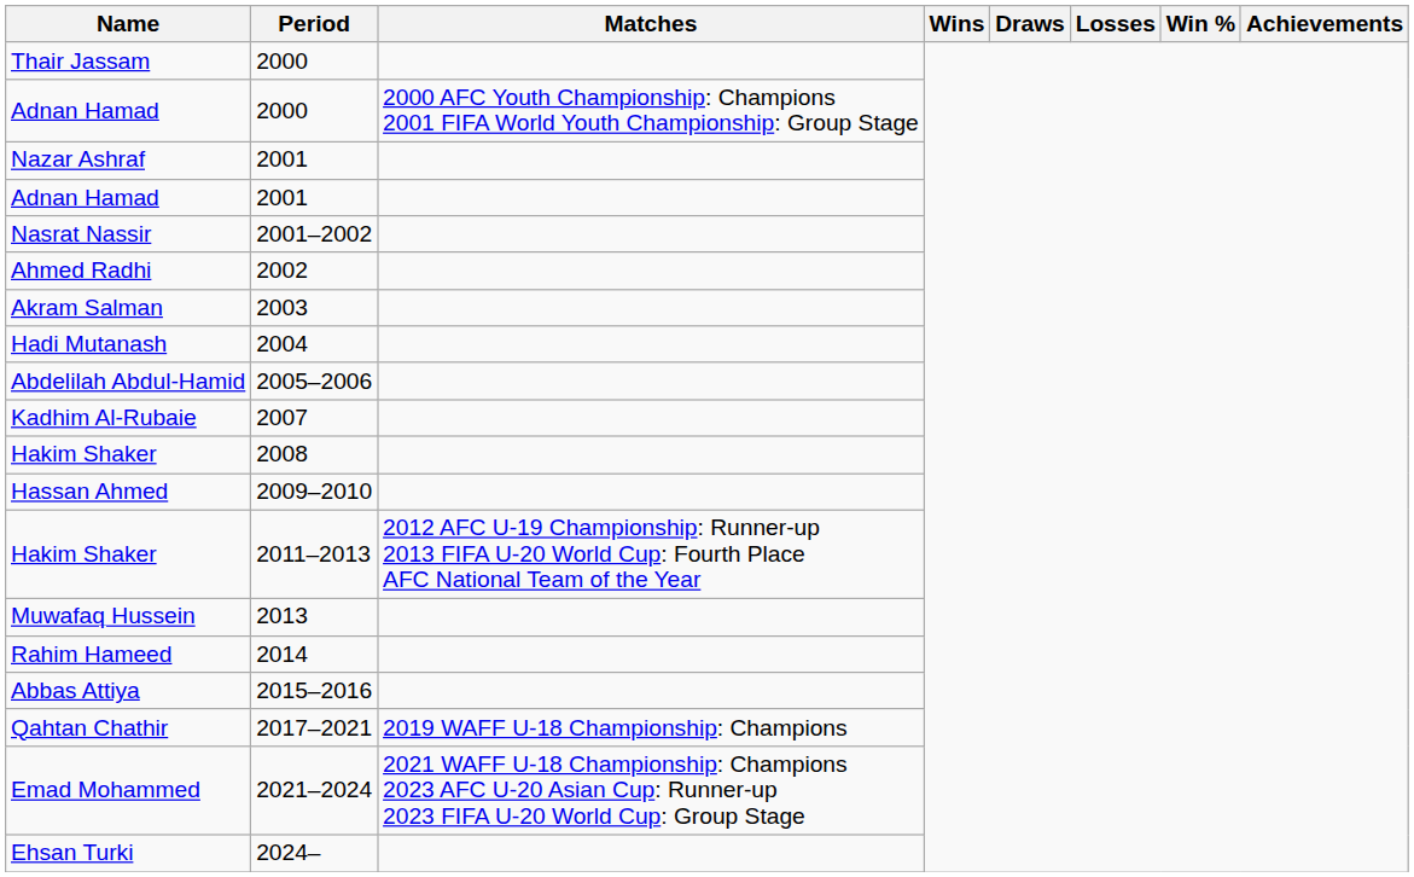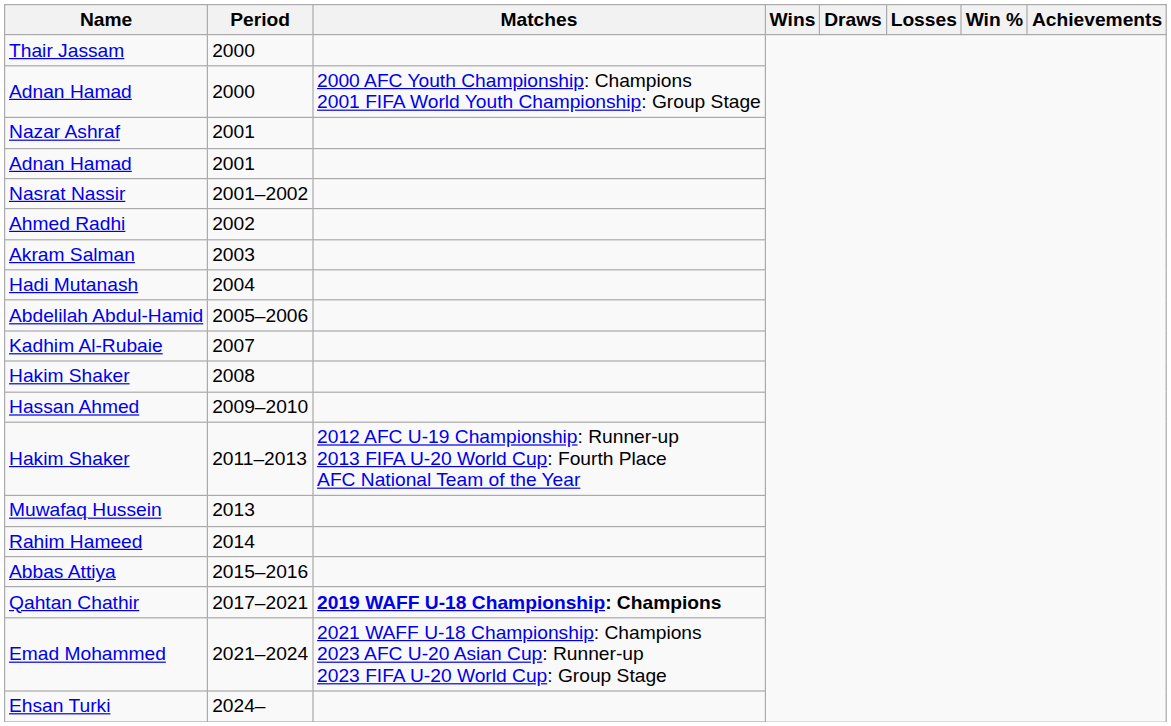 <table class="wikitable">
 <tr>
 <th>Name</th>
 <th>Period</th>
 <th>Matches</th>
 <th>Wins</th>
 <th>Draws</th>
 <th>Losses</th>
 <th>Win %</th>
 <th>Achievements</th>
 </tr>
 <tr>
 <td> <a href='#'>Thair Jassam</a></td>
 <td align="left">2000<br></td>
 <td></td>
 </tr>
 <tr>
 <td> <a href='#'>Adnan Hamad</a></td>
 <td align="left">2000<br></td>
 <td><a href='#'>2000 AFC Youth Championship</a>:  Champions <br> <a href='#'>2001 FIFA World Youth Championship</a>: Group Stage</td>
 </tr>
 <tr>
 <td> <a href='#'>Nazar Ashraf</a></td>
 <td align="left">2001<br></td>
 <td></td>
 </tr>
 <tr>
 <td> <a href='#'>Adnan Hamad</a></td>
 <td align="left">2001<br></td>
 <td></td>
 </tr>
 <tr>
 <td> <a href='#'>Nasrat Nassir</a></td>
 <td align="left">2001–2002<br></td>
 <td></td>
 </tr>
 <tr>
 <td> <a href='#'>Ahmed Radhi</a></td>
 <td align="left">2002<br></td>
 <td></td>
 </tr>
 <tr>
 <td> <a href='#'>Akram Salman</a></td>
 <td align="left">2003<br></td>
 <td></td>
 </tr>
 <tr>
 <td> <a href='#'>Hadi Mutanash</a></td>
 <td align="left">2004<br></td>
 <td></td>
 </tr>
 <tr>
 <td> <a href='#'>Abdelilah Abdul-Hamid</a></td>
 <td align="left">2005–2006<br></td>
 <td></td>
 </tr>
 <tr>
 <td> <a href='#'>Kadhim Al-Rubaie</a></td>
 <td align="left">2007<br></td>
 <td></td>
 </tr>
 <tr>
 <td> <a href='#'>Hakim Shaker</a></td>
 <td align="left">2008<br></td>
 <td></td>
 </tr>
 <tr>
 <td> <a href='#'>Hassan Ahmed</a></td>
 <td align="left">2009–2010<br></td>
 <td></td>
 </tr>
 <tr>
 <td> <a href='#'>Hakim Shaker</a></td>
 <td align="left">2011–2013<br></td>
 <td><a href='#'>2012 AFC U-19 Championship</a>:  Runner-up <br> <a href='#'>2013 FIFA U-20 World Cup</a>: Fourth Place <br> <a href='#'>AFC National Team of the Year</a></td>
 </tr>
 <tr>
 <td> <a href='#'>Muwafaq Hussein</a></td>
 <td align="left">2013<br></td>
 <td></td>
 </tr>
 <tr>
 <td> <a href='#'>Rahim Hameed</a></td>
 <td align="left">2014<br></td>
 <td></td>
 </tr>
 <tr>
 <td> <a href='#'>Abbas Attiya</a></td>
 <td align="left">2015–2016<br></td>
 <td></td>
 </tr>
 <tr>
 <td> <a href='#'>Qahtan Chathir</a></td>
 <td align="left">2017–2021<br></td>
-<td><a href='#'>2019 WAFF U-18 Championship</a>:  Champions</td>
+<td><strong><a href='#'>2019 WAFF U-18 Championship</a>:  Champions</strong></td>
 </tr>
 <tr>
 <td> <a href='#'>Emad Mohammed</a></td>
 <td align="left">2021–2024<br></td>
 <td><a href='#'>2021 WAFF U-18 Championship</a>:  Champions <br> <a href='#'>2023 AFC U-20 Asian Cup</a>:  Runner-up <br> <a href='#'>2023 FIFA U-20 World Cup</a>: Group Stage</td>
 </tr>
 <tr>
 <td> <a href='#'>Ehsan Turki</a></td>
 <td align="left">2024–<br></td>
 <td></td>
 </tr>
 <tr>
 </tr>
 </table>
